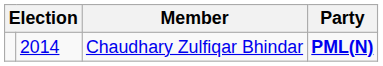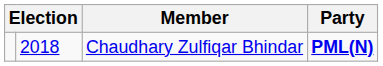 <table class="wikitable">
 <tr>
 <th colspan="2">Election</th>
 <th>Member</th>
 <th>Party</th>
 </tr>
 <tr>
 <td style="background-color: "></td>
-<td><a href='#'>2014</a></td>
+<td><a href='#'>2018</a></td>
 <td><a href='#'>Chaudhary Zulfiqar Bhindar</a></td>
 <td><strong><a href='#'>PML(N)</a></strong></td>
 </tr>
 </table>
